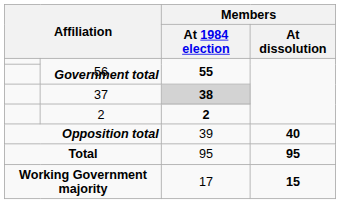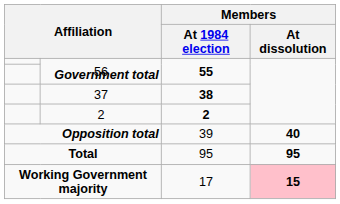 <table class="wikitable" border="1" style="font-size:95%; width:300pt; text-align:center">
 <tr>
 <th colspan="2" rowspan="2" style="text-align:center;vertical-align:middle; ">Affiliation</th>
 <th colspan="2" style="vertical-align:top;">Members</th>
 </tr>
 <tr>
 <th>At <a href='#'>1984 election</a></th>
 <th>At dissolution</th>
 </tr>
 <tr>
 <td></td>
 <td rowspan="2">56</td>
 <td rowspan="2"><strong>55</strong></td>
 </tr>
 <tr>
 <td colspan="2" rowspan="1" style="text-align:right; "><strong><em>Government total</em></strong></td>
 </tr>
 <tr>
 <td></td>
 <td>37</td>
-<td style="background: lightgrey;"><strong>38</strong></td>
+<td><strong>38</strong></td>
 </tr>
 <tr>
 <td></td>
 <td>2</td>
 <td><strong>2</strong></td>
 </tr>
 <tr>
 <td colspan="2" rowspan="1" style="text-align:right; "><strong><em>Opposition total</em></strong></td>
 <td>39</td>
 <td><strong>40</strong></td>
 </tr>
 <tr>
 <td colspan="2" rowspan="1"><strong>Total</strong><br></td>
 <td>95</td>
 <td><strong>95</strong></td>
 </tr>
 <tr>
 <td colspan="2" rowspan="1"><strong>Working Government majority</strong></td>
 <td>17</td>
-<td><strong>15</strong></td>
+<td style="background: pink;"><strong>15</strong></td>
 </tr>
 </table>
